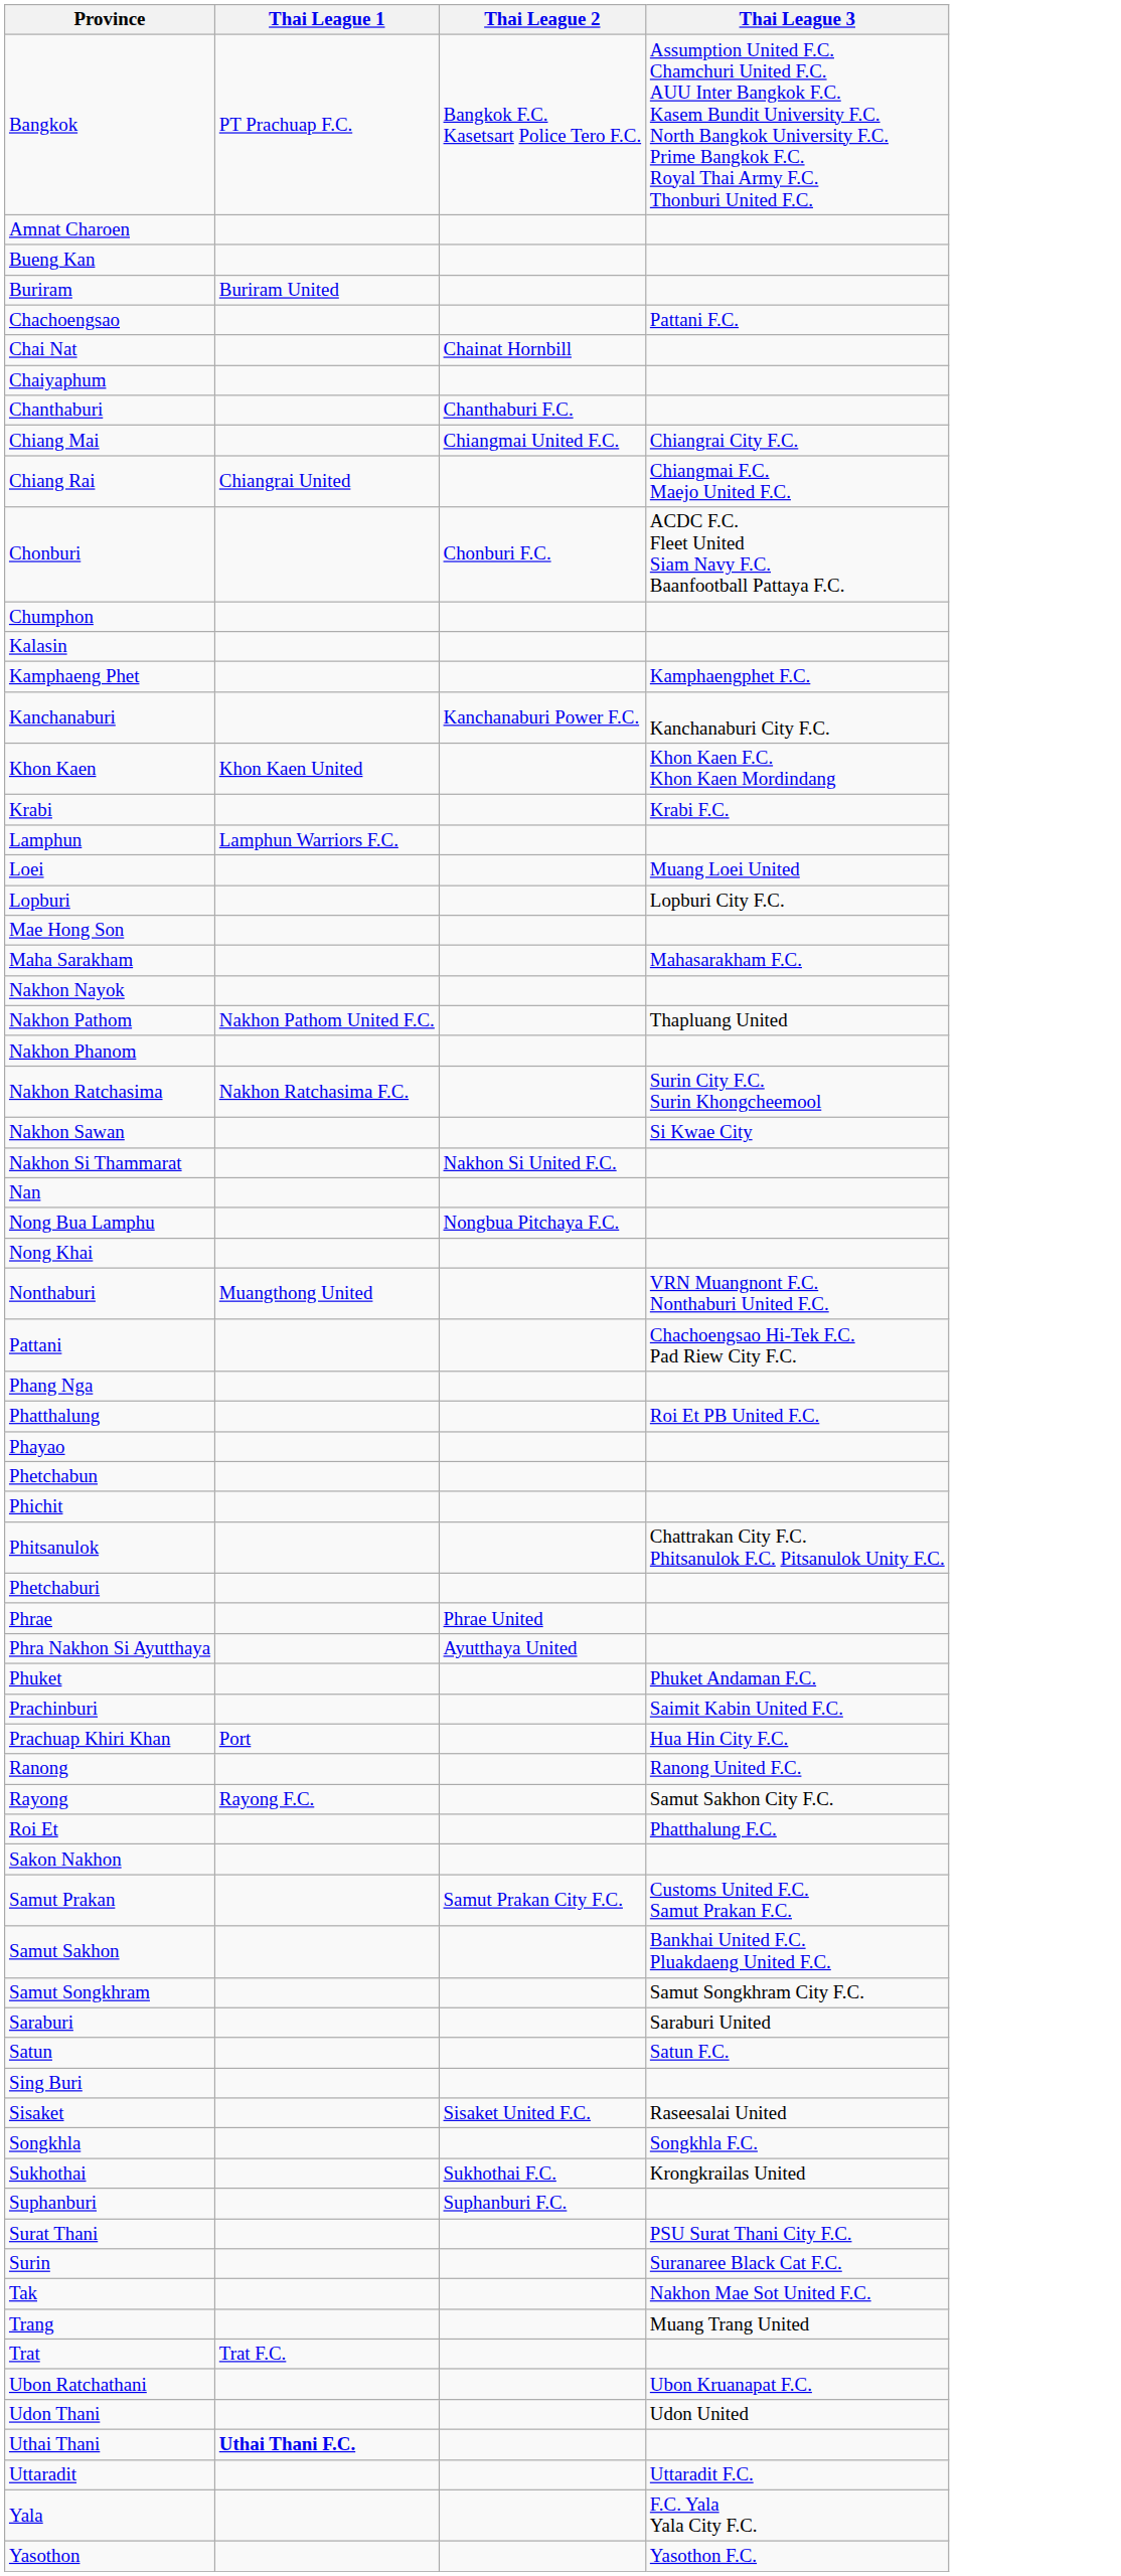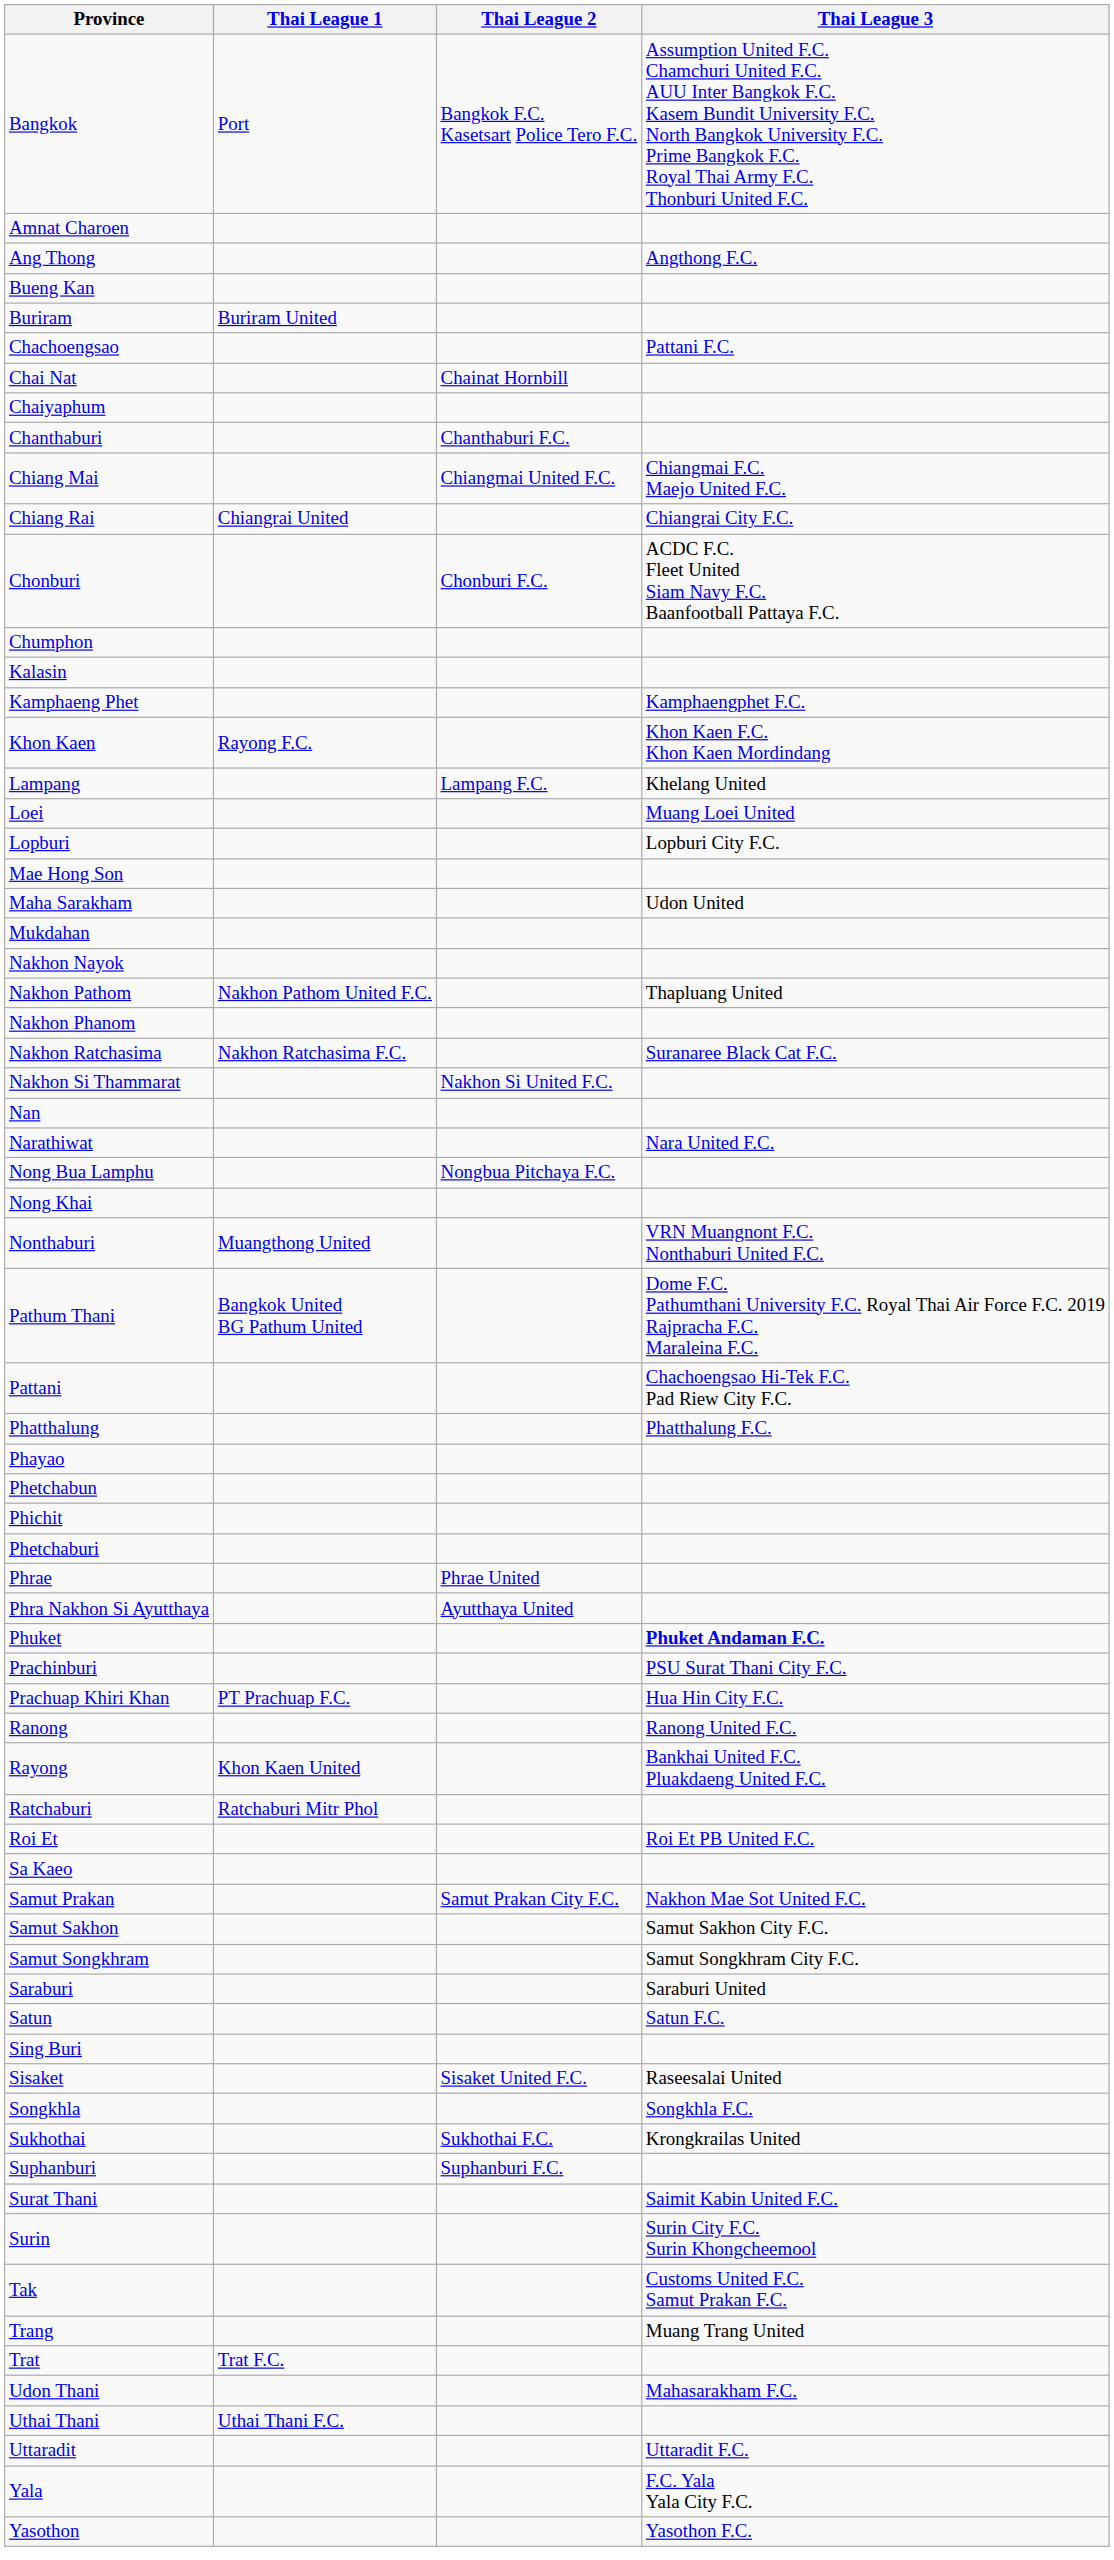 <table class="wikitable">
 <tr>
 <th>Province</th>
 <th><a href='#'>Thai League 1</a></th>
 <th><a href='#'>Thai League 2</a></th>
 <th><a href='#'>Thai League 3</a></th>
 </tr>
 <tr>
 <td><a href='#'>Bangkok</a></td>
-<td><a href='#'>PT Prachuap F.C.</a></td>
+<td><a href='#'>Port</a></td>
 <td><a href='#'>Bangkok F.C.</a><br><a href='#'>Kasetsart</a> <a href='#'>Police Tero F.C.</a></td>
 <td><a href='#'>Assumption United F.C.</a><br><a href='#'>Chamchuri United F.C.</a><br><a href='#'>AUU Inter Bangkok F.C.</a><br><a href='#'>Kasem Bundit University F.C.</a><br><a href='#'>North Bangkok University F.C.</a><br><a href='#'>Prime Bangkok F.C.</a><br><a href='#'>Royal Thai Army F.C.</a><br><a href='#'>Thonburi United F.C.</a></td>
 </tr>
 <tr>
 <td><a href='#'>Amnat Charoen</a></td>
 <td></td>
 <td></td>
 <td></td>
+</tr>
+<tr>
+<td><a href='#'>Ang Thong</a></td>
+<td></td>
+<td></td>
+<td><a href='#'>Angthong F.C.</a></td>
 </tr>
 <tr>
 <td><a href='#'>Bueng Kan</a></td>
 <td></td>
 <td></td>
 <td></td>
 </tr>
 <tr>
 <td><a href='#'>Buriram</a></td>
 <td><a href='#'>Buriram United</a></td>
 <td></td>
 <td></td>
 </tr>
 <tr>
 <td><a href='#'>Chachoengsao</a></td>
 <td></td>
 <td></td>
 <td><a href='#'>Pattani F.C.</a></td>
 </tr>
 <tr>
 <td><a href='#'>Chai Nat</a></td>
 <td></td>
 <td><a href='#'>Chainat Hornbill</a></td>
 <td></td>
 </tr>
 <tr>
 <td><a href='#'>Chaiyaphum</a></td>
 <td></td>
 <td></td>
 <td></td>
 </tr>
 <tr>
 <td><a href='#'>Chanthaburi</a></td>
 <td></td>
 <td><a href='#'>Chanthaburi F.C.</a></td>
 <td></td>
 </tr>
 <tr>
 <td><a href='#'>Chiang Mai</a></td>
 <td></td>
 <td><a href='#'>Chiangmai United F.C.</a></td>
-<td><a href='#'>Chiangrai City F.C.</a></td>
+<td><a href='#'>Chiangmai F.C.</a><br><a href='#'>Maejo United F.C.</a></td>
 </tr>
 <tr>
 <td><a href='#'>Chiang Rai</a></td>
 <td><a href='#'>Chiangrai United</a></td>
 <td></td>
-<td><a href='#'>Chiangmai F.C.</a><br><a href='#'>Maejo United F.C.</a></td>
+<td><a href='#'>Chiangrai City F.C.</a></td>
 </tr>
 <tr>
 <td><a href='#'>Chonburi</a></td>
 <td></td>
 <td><a href='#'>Chonburi F.C.</a></td>
 <td>ACDC F.C.<br>Fleet United<br><a href='#'>Siam Navy F.C.</a><br>Baanfootball Pattaya F.C.</td>
 </tr>
 <tr>
 <td><a href='#'>Chumphon</a></td>
 <td></td>
 <td></td>
 <td></td>
 </tr>
 <tr>
 <td><a href='#'>Kalasin</a></td>
 <td></td>
 <td></td>
 <td></td>
 </tr>
 <tr>
 <td><a href='#'>Kamphaeng Phet</a></td>
 <td></td>
 <td></td>
 <td><a href='#'>Kamphaengphet F.C.</a></td>
 </tr>
 <tr>
-<td><a href='#'>Kanchanaburi</a></td>
-<td></td>
-<td><a href='#'>Kanchanaburi Power F.C.</a></td>
-<td><br>Kanchanaburi City F.C.</td>
-</tr>
-<tr>
 <td><a href='#'>Khon Kaen</a></td>
-<td><a href='#'>Khon Kaen United</a></td>
+<td><a href='#'>Rayong F.C.</a></td>
 <td></td>
 <td><a href='#'>Khon Kaen F.C.</a><br><a href='#'>Khon Kaen Mordindang</a></td>
 </tr>
 <tr>
-<td><a href='#'>Krabi</a></td>
+<td><a href='#'>Lampang</a></td>
 <td></td>
-<td></td>
-<td><a href='#'>Krabi F.C.</a></td>
-</tr>
-<tr>
-<td><a href='#'>Lamphun</a></td>
-<td><a href='#'>Lamphun Warriors F.C.</a></td>
-<td></td>
-<td></td>
+<td><a href='#'>Lampang F.C.</a></td>
+<td>Khelang United</td>
 </tr>
 <tr>
 <td><a href='#'>Loei</a></td>
 <td></td>
 <td></td>
 <td><a href='#'>Muang Loei United</a></td>
 </tr>
 <tr>
 <td><a href='#'>Lopburi</a></td>
 <td></td>
 <td></td>
 <td>Lopburi City F.C.</td>
 </tr>
 <tr>
 <td><a href='#'>Mae Hong Son</a></td>
 <td></td>
 <td></td>
 <td></td>
 </tr>
 <tr>
 <td><a href='#'>Maha Sarakham</a></td>
 <td></td>
 <td></td>
-<td><a href='#'>Mahasarakham F.C.</a></td>
+<td>Udon United</td>
+</tr>
+<tr>
+<td><a href='#'>Mukdahan</a></td>
+<td></td>
+<td></td>
+<td></td>
 </tr>
 <tr>
 <td><a href='#'>Nakhon Nayok</a></td>
 <td></td>
 <td></td>
 <td></td>
 </tr>
 <tr>
 <td><a href='#'>Nakhon Pathom</a></td>
 <td><a href='#'>Nakhon Pathom United F.C.</a></td>
 <td></td>
 <td>Thapluang United</td>
 </tr>
 <tr>
 <td><a href='#'>Nakhon Phanom</a></td>
 <td></td>
 <td></td>
 <td></td>
 </tr>
 <tr>
 <td><a href='#'>Nakhon Ratchasima</a></td>
 <td><a href='#'>Nakhon Ratchasima F.C.</a></td>
 <td></td>
-<td><a href='#'>Surin City F.C.</a><br><a href='#'>Surin Khongcheemool</a></td>
-</tr>
-<tr>
-<td><a href='#'>Nakhon Sawan</a></td>
-<td></td>
-<td></td>
-<td><a href='#'>Si Kwae City</a></td>
+<td><a href='#'>Suranaree Black Cat F.C.</a></td>
 </tr>
 <tr>
 <td><a href='#'>Nakhon Si Thammarat</a></td>
 <td></td>
 <td><a href='#'>Nakhon Si United F.C.</a></td>
 <td></td>
 </tr>
 <tr>
 <td><a href='#'>Nan</a></td>
 <td></td>
 <td></td>
 <td></td>
+</tr>
+<tr>
+<td><a href='#'>Narathiwat</a></td>
+<td></td>
+<td></td>
+<td><a href='#'>Nara United F.C.</a></td>
 </tr>
 <tr>
 <td><a href='#'>Nong Bua Lamphu</a></td>
 <td></td>
 <td><a href='#'>Nongbua Pitchaya F.C.</a></td>
 <td></td>
 </tr>
 <tr>
 <td><a href='#'>Nong Khai</a></td>
 <td></td>
 <td></td>
 <td></td>
 </tr>
 <tr>
 <td><a href='#'>Nonthaburi</a></td>
 <td><a href='#'>Muangthong United</a></td>
 <td></td>
 <td><a href='#'>VRN Muangnont F.C.</a><br><a href='#'>Nonthaburi United F.C.</a></td>
 </tr>
 <tr>
+<td><a href='#'>Pathum Thani</a></td>
+<td><a href='#'>Bangkok United</a><br><a href='#'>BG Pathum United</a></td>
+<td></td>
+<td><a href='#'>Dome F.C.</a><br><a href='#'>Pathumthani University F.C.</a> Royal Thai Air Force F.C. 2019<br><a href='#'>Rajpracha F.C.</a><br><a href='#'>Maraleina F.C.</a></td>
+</tr>
+<tr>
 <td><a href='#'>Pattani</a></td>
 <td></td>
 <td></td>
 <td><a href='#'>Chachoengsao Hi-Tek F.C.</a><br>Pad Riew City F.C.</td>
 </tr>
 <tr>
-<td><a href='#'>Phang Nga</a></td>
-<td></td>
-<td></td>
-<td></td>
-</tr>
-<tr>
 <td><a href='#'>Phatthalung</a></td>
 <td></td>
 <td></td>
-<td><a href='#'>Roi Et PB United F.C.</a></td>
+<td><a href='#'>Phatthalung F.C.</a></td>
 </tr>
 <tr>
 <td><a href='#'>Phayao</a></td>
 <td></td>
 <td></td>
 <td></td>
 </tr>
 <tr>
 <td><a href='#'>Phetchabun</a></td>
 <td></td>
 <td></td>
 <td></td>
 </tr>
 <tr>
 <td><a href='#'>Phichit</a></td>
 <td></td>
 <td></td>
 <td></td>
-</tr>
-<tr>
-<td><a href='#'>Phitsanulok</a></td>
-<td></td>
-<td></td>
-<td>Chattrakan City F.C.<br><a href='#'>Phitsanulok F.C.</a> <a href='#'>Pitsanulok Unity F.C.</a></td>
 </tr>
 <tr>
 <td><a href='#'>Phetchaburi</a></td>
 <td></td>
 <td></td>
 <td></td>
 </tr>
 <tr>
 <td><a href='#'>Phrae</a></td>
 <td></td>
 <td><a href='#'>Phrae United</a></td>
 <td></td>
 </tr>
 <tr>
 <td><a href='#'>Phra Nakhon Si Ayutthaya</a></td>
 <td></td>
 <td><a href='#'>Ayutthaya United</a></td>
 <td></td>
 </tr>
 <tr>
 <td><a href='#'>Phuket</a></td>
 <td></td>
 <td></td>
-<td><a href='#'>Phuket Andaman F.C.</a></td>
+<td><strong><a href='#'>Phuket Andaman F.C.</a></strong></td>
 </tr>
 <tr>
 <td><a href='#'>Prachinburi</a></td>
 <td></td>
 <td></td>
-<td><a href='#'>Saimit Kabin United F.C.</a></td>
+<td><a href='#'>PSU Surat Thani City F.C.</a></td>
 </tr>
 <tr>
 <td><a href='#'>Prachuap Khiri Khan</a></td>
-<td><a href='#'>Port</a></td>
+<td><a href='#'>PT Prachuap F.C.</a></td>
 <td></td>
 <td><a href='#'>Hua Hin City F.C.</a></td>
 </tr>
 <tr>
 <td><a href='#'>Ranong</a></td>
 <td></td>
 <td></td>
 <td><a href='#'>Ranong United F.C.</a></td>
 </tr>
 <tr>
 <td><a href='#'>Rayong</a></td>
-<td><a href='#'>Rayong F.C.</a></td>
+<td><a href='#'>Khon Kaen United</a></td>
 <td></td>
-<td>Samut Sakhon City F.C.</td>
+<td><a href='#'>Bankhai United F.C.</a><br><a href='#'>Pluakdaeng United F.C.</a></td>
+</tr>
+<tr>
+<td><a href='#'>Ratchaburi</a></td>
+<td><a href='#'>Ratchaburi Mitr Phol</a></td>
+<td></td>
+<td></td>
 </tr>
 <tr>
 <td><a href='#'>Roi Et</a></td>
 <td></td>
 <td></td>
-<td><a href='#'>Phatthalung F.C.</a></td>
+<td><a href='#'>Roi Et PB United F.C.</a></td>
 </tr>
 <tr>
-<td><a href='#'>Sakon Nakhon</a></td>
+<td><a href='#'>Sa Kaeo</a></td>
 <td></td>
 <td></td>
 <td></td>
 </tr>
 <tr>
 <td><a href='#'>Samut Prakan</a></td>
 <td></td>
 <td><a href='#'>Samut Prakan City F.C.</a></td>
-<td><a href='#'>Customs United F.C.</a><br><a href='#'>Samut Prakan F.C.</a></td>
+<td><a href='#'>Nakhon Mae Sot United F.C.</a></td>
 </tr>
 <tr>
 <td><a href='#'>Samut Sakhon</a></td>
 <td></td>
 <td></td>
-<td><a href='#'>Bankhai United F.C.</a><br><a href='#'>Pluakdaeng United F.C.</a></td>
+<td>Samut Sakhon City F.C.</td>
 </tr>
 <tr>
 <td><a href='#'>Samut Songkhram</a></td>
 <td></td>
 <td></td>
 <td>Samut Songkhram City F.C.</td>
 </tr>
 <tr>
 <td><a href='#'>Saraburi</a></td>
 <td></td>
 <td></td>
 <td>Saraburi United</td>
 </tr>
 <tr>
 <td><a href='#'>Satun</a></td>
 <td></td>
 <td></td>
 <td><a href='#'>Satun F.C.</a></td>
 </tr>
 <tr>
 <td><a href='#'>Sing Buri</a></td>
 <td></td>
 <td></td>
 <td></td>
 </tr>
 <tr>
 <td><a href='#'>Sisaket</a></td>
 <td></td>
 <td><a href='#'>Sisaket United F.C.</a></td>
 <td>Raseesalai United</td>
 </tr>
 <tr>
 <td><a href='#'>Songkhla</a></td>
 <td></td>
 <td></td>
 <td><a href='#'>Songkhla F.C.</a></td>
 </tr>
 <tr>
 <td><a href='#'>Sukhothai</a></td>
 <td></td>
 <td><a href='#'>Sukhothai F.C.</a></td>
 <td>Krongkrailas United</td>
 </tr>
 <tr>
 <td><a href='#'>Suphanburi</a></td>
 <td></td>
 <td><a href='#'>Suphanburi F.C.</a></td>
 <td></td>
 </tr>
 <tr>
 <td><a href='#'>Surat Thani</a></td>
 <td></td>
 <td></td>
-<td><a href='#'>PSU Surat Thani City F.C.</a></td>
+<td><a href='#'>Saimit Kabin United F.C.</a></td>
 </tr>
 <tr>
 <td><a href='#'>Surin</a></td>
 <td></td>
 <td></td>
-<td><a href='#'>Suranaree Black Cat F.C.</a></td>
+<td><a href='#'>Surin City F.C.</a><br><a href='#'>Surin Khongcheemool</a></td>
 </tr>
 <tr>
 <td><a href='#'>Tak</a></td>
 <td></td>
 <td></td>
-<td><a href='#'>Nakhon Mae Sot United F.C.</a></td>
+<td><a href='#'>Customs United F.C.</a><br><a href='#'>Samut Prakan F.C.</a></td>
 </tr>
 <tr>
 <td><a href='#'>Trang</a></td>
 <td></td>
 <td></td>
 <td>Muang Trang United</td>
 </tr>
 <tr>
 <td><a href='#'>Trat</a></td>
 <td><a href='#'>Trat F.C.</a></td>
 <td></td>
 <td></td>
 </tr>
 <tr>
-<td><a href='#'>Ubon Ratchathani</a></td>
-<td></td>
-<td></td>
-<td><a href='#'>Ubon Kruanapat F.C.</a></td>
-</tr>
-<tr>
 <td><a href='#'>Udon Thani</a></td>
 <td></td>
 <td></td>
-<td>Udon United</td>
+<td><a href='#'>Mahasarakham F.C.</a></td>
 </tr>
 <tr>
 <td><a href='#'>Uthai Thani</a></td>
-<td><strong><a href='#'>Uthai Thani F.C.</a></strong></td>
+<td><a href='#'>Uthai Thani F.C.</a></td>
 <td></td>
 <td></td>
 </tr>
 <tr>
 <td><a href='#'>Uttaradit</a></td>
 <td></td>
 <td></td>
 <td><a href='#'>Uttaradit F.C.</a></td>
 </tr>
 <tr>
 <td><a href='#'>Yala</a></td>
 <td></td>
 <td></td>
 <td><a href='#'>F.C. Yala</a><br>Yala City F.C.</td>
 </tr>
 <tr>
 <td><a href='#'>Yasothon</a></td>
 <td></td>
 <td></td>
 <td><a href='#'>Yasothon F.C.</a></td>
 </tr>
 </table>
